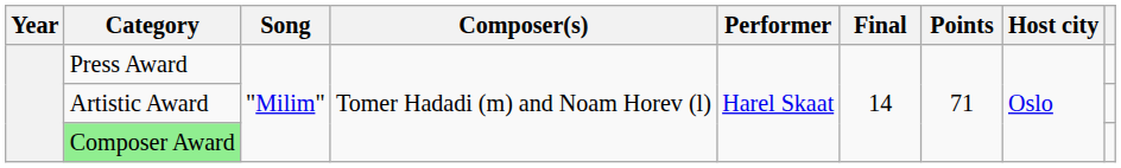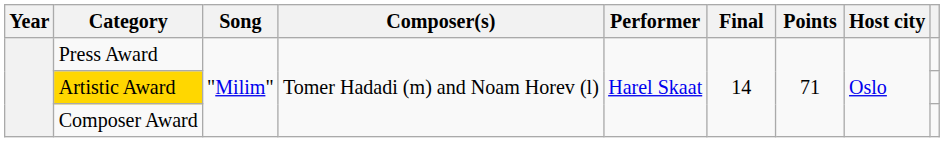 <table class="wikitable plainrowheaders" style="font-size: 95%">
 <tr>
 <th>Year</th>
 <th>Category</th>
 <th>Song</th>
 <th>Composer(s)<br></th>
 <th>Performer</th>
 <th style="width:45px;">Final</th>
 <th style="width:45px;">Points</th>
 <th>Host city</th>
 <th></th>
 </tr>
 <tr>
 <th scope="row" rowspan="3"></th>
 <td>Press Award</td>
 <td rowspan="3">"<a href='#'>Milim</a>" </td>
 <td rowspan="3">Tomer Hadadi (m) and Noam Horev (l)</td>
 <td rowspan="3"><a href='#'>Harel Skaat</a></td>
 <td rowspan="3" style="text-align:center;">14</td>
 <td rowspan="3" style="text-align:center;">71</td>
 <td rowspan="3"> <a href='#'>Oslo</a></td>
 <td></td>
 </tr>
 <tr>
-<td>Artistic Award</td>
+<td style="background: gold;">Artistic Award</td>
 <td></td>
 </tr>
 <tr>
-<td style="background: lightgreen;">Composer Award</td>
+<td>Composer Award</td>
 <td></td>
 </tr>
 </table>
